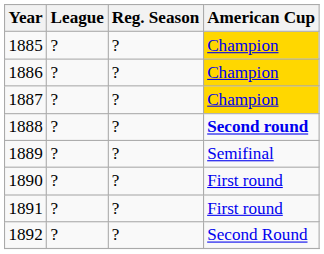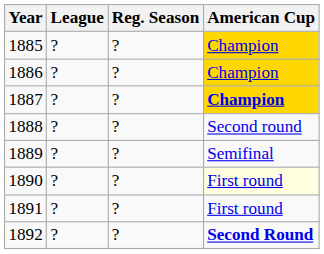 <table class="wikitable">
 <tr>
 <th>Year</th>
 <th>League</th>
 <th>Reg. Season</th>
 <th>American Cup</th>
 </tr>
 <tr>
 <td>1885</td>
 <td>?</td>
 <td>?</td>
 <td bgcolor=gold><a href='#'>Champion</a></td>
 </tr>
 <tr>
 <td>1886</td>
 <td>?</td>
 <td>?</td>
 <td bgcolor=gold><a href='#'>Champion</a></td>
 </tr>
 <tr>
 <td>1887</td>
 <td>?</td>
 <td>?</td>
-<td bgcolor=gold><a href='#'>Champion</a></td>
+<td bgcolor=gold><strong><a href='#'>Champion</a></strong></td>
 </tr>
 <tr>
 <td>1888</td>
 <td>?</td>
 <td>?</td>
-<td><strong><a href='#'>Second round</a></strong></td>
+<td><a href='#'>Second round</a></td>
 </tr>
 <tr>
 <td>1889</td>
 <td>?</td>
 <td>?</td>
 <td><a href='#'>Semifinal</a></td>
 </tr>
 <tr>
 <td>1890</td>
 <td>?</td>
 <td>?</td>
-<td><a href='#'>First round</a></td>
+<td style="background: lightyellow;"><a href='#'>First round</a></td>
 </tr>
 <tr>
 <td>1891</td>
 <td>?</td>
 <td>?</td>
 <td><a href='#'>First round</a></td>
 </tr>
 <tr>
 <td>1892</td>
 <td>?</td>
 <td>?</td>
-<td><a href='#'>Second Round</a></td>
+<td><strong><a href='#'>Second Round</a></strong></td>
 </tr>
 <tr>
 </tr>
 </table>
